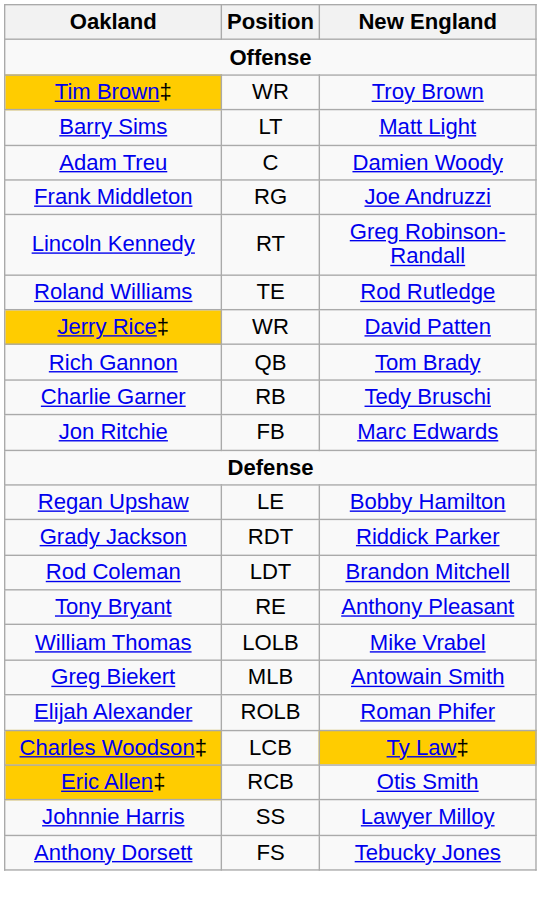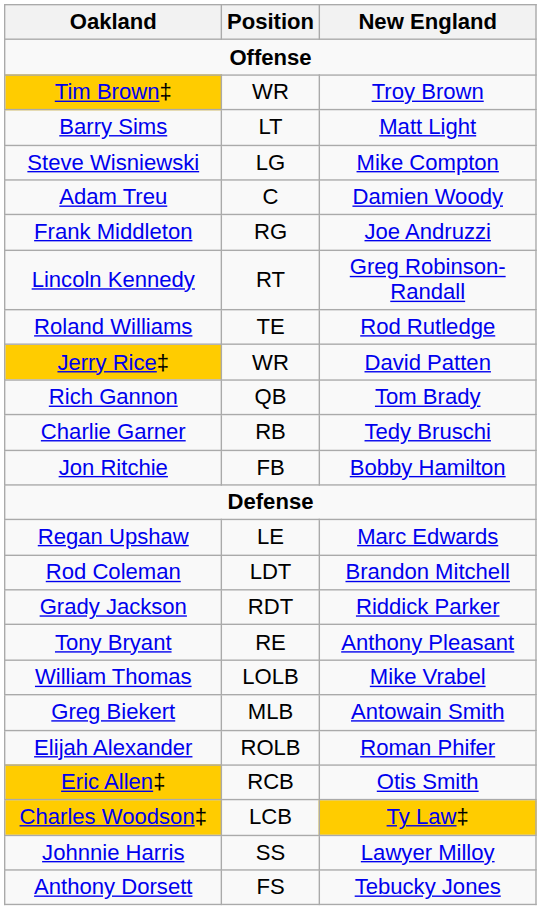 <table class="wikitable" style="text-align:center">
 <tr>
 <th style="width:150px">Oakland</th>
 <th>Position</th>
 <th style="width:150px">New England</th>
 </tr>
 <tr>
 <td colspan="3" align="center"><strong>Offense</strong></td>
 </tr>
 <tr>
 <td bgcolor="#FFCC00"><a href='#'>Tim Brown</a>‡</td>
 <td align="center">WR</td>
 <td><a href='#'>Troy Brown</a></td>
 </tr>
 <tr>
 <td><a href='#'>Barry Sims</a></td>
 <td align="center">LT</td>
 <td><a href='#'>Matt Light</a></td>
+</tr>
+<tr>
+<td><a href='#'>Steve Wisniewski</a></td>
+<td align="center">LG</td>
+<td><a href='#'>Mike Compton</a></td>
 </tr>
 <tr>
 <td><a href='#'>Adam Treu</a></td>
 <td align="center">C</td>
 <td><a href='#'>Damien Woody</a></td>
 </tr>
 <tr>
 <td><a href='#'>Frank Middleton</a></td>
 <td align="center">RG</td>
 <td><a href='#'>Joe Andruzzi</a></td>
 </tr>
 <tr>
 <td><a href='#'>Lincoln Kennedy</a></td>
 <td align="center">RT</td>
 <td><a href='#'>Greg Robinson-Randall</a></td>
 </tr>
 <tr>
 <td><a href='#'>Roland Williams</a></td>
 <td align="center">TE</td>
 <td><a href='#'>Rod Rutledge</a></td>
 </tr>
 <tr>
 <td bgcolor="#FFCC00"><a href='#'>Jerry Rice</a>‡</td>
 <td align="center">WR</td>
 <td><a href='#'>David Patten</a></td>
 </tr>
 <tr>
 <td><a href='#'>Rich Gannon</a></td>
 <td align="center">QB</td>
 <td><a href='#'>Tom Brady</a></td>
 </tr>
 <tr>
 <td><a href='#'>Charlie Garner</a></td>
 <td align="center">RB</td>
 <td><a href='#'>Tedy Bruschi</a></td>
 </tr>
 <tr>
 <td><a href='#'>Jon Ritchie</a></td>
 <td align="center">FB</td>
-<td><a href='#'>Marc Edwards</a></td>
+<td><a href='#'>Bobby Hamilton</a></td>
 </tr>
 <tr>
 <td colspan="3" align="center"><strong>Defense</strong></td>
 </tr>
 <tr>
 <td><a href='#'>Regan Upshaw</a></td>
 <td align="center">LE</td>
-<td><a href='#'>Bobby Hamilton</a></td>
+<td><a href='#'>Marc Edwards</a></td>
+</tr>
+<tr>
+<td><a href='#'>Rod Coleman</a></td>
+<td align="center">LDT</td>
+<td><a href='#'>Brandon Mitchell</a></td>
 </tr>
 <tr>
 <td><a href='#'>Grady Jackson</a></td>
 <td align="center">RDT</td>
 <td><a href='#'>Riddick Parker</a></td>
-</tr>
-<tr>
-<td><a href='#'>Rod Coleman</a></td>
-<td align="center">LDT</td>
-<td><a href='#'>Brandon Mitchell</a></td>
 </tr>
 <tr>
 <td><a href='#'>Tony Bryant</a></td>
 <td align="center">RE</td>
 <td><a href='#'>Anthony Pleasant</a></td>
 </tr>
 <tr>
 <td><a href='#'>William Thomas</a></td>
 <td align="center">LOLB</td>
 <td><a href='#'>Mike Vrabel</a></td>
 </tr>
 <tr>
 <td><a href='#'>Greg Biekert</a></td>
 <td align="center">MLB</td>
 <td><a href='#'>Antowain Smith</a></td>
 </tr>
 <tr>
 <td><a href='#'>Elijah Alexander</a></td>
 <td align="center">ROLB</td>
 <td><a href='#'>Roman Phifer</a></td>
 </tr>
 <tr>
+<td bgcolor="#FFCC00"><a href='#'>Eric Allen</a>‡</td>
+<td align="center">RCB</td>
+<td><a href='#'>Otis Smith</a></td>
+</tr>
+<tr>
 <td bgcolor="#FFCC00"><a href='#'>Charles Woodson</a>‡</td>
 <td align="center">LCB</td>
 <td bgcolor="#FFCC00"><a href='#'>Ty Law</a>‡</td>
-</tr>
-<tr>
-<td bgcolor="#FFCC00"><a href='#'>Eric Allen</a>‡</td>
-<td align="center">RCB</td>
-<td><a href='#'>Otis Smith</a></td>
 </tr>
 <tr>
 <td><a href='#'>Johnnie Harris</a></td>
 <td align="center">SS</td>
 <td><a href='#'>Lawyer Milloy</a></td>
 </tr>
 <tr>
 <td><a href='#'>Anthony Dorsett</a></td>
 <td align="center">FS</td>
 <td><a href='#'>Tebucky Jones</a></td>
 </tr>
 </table>
